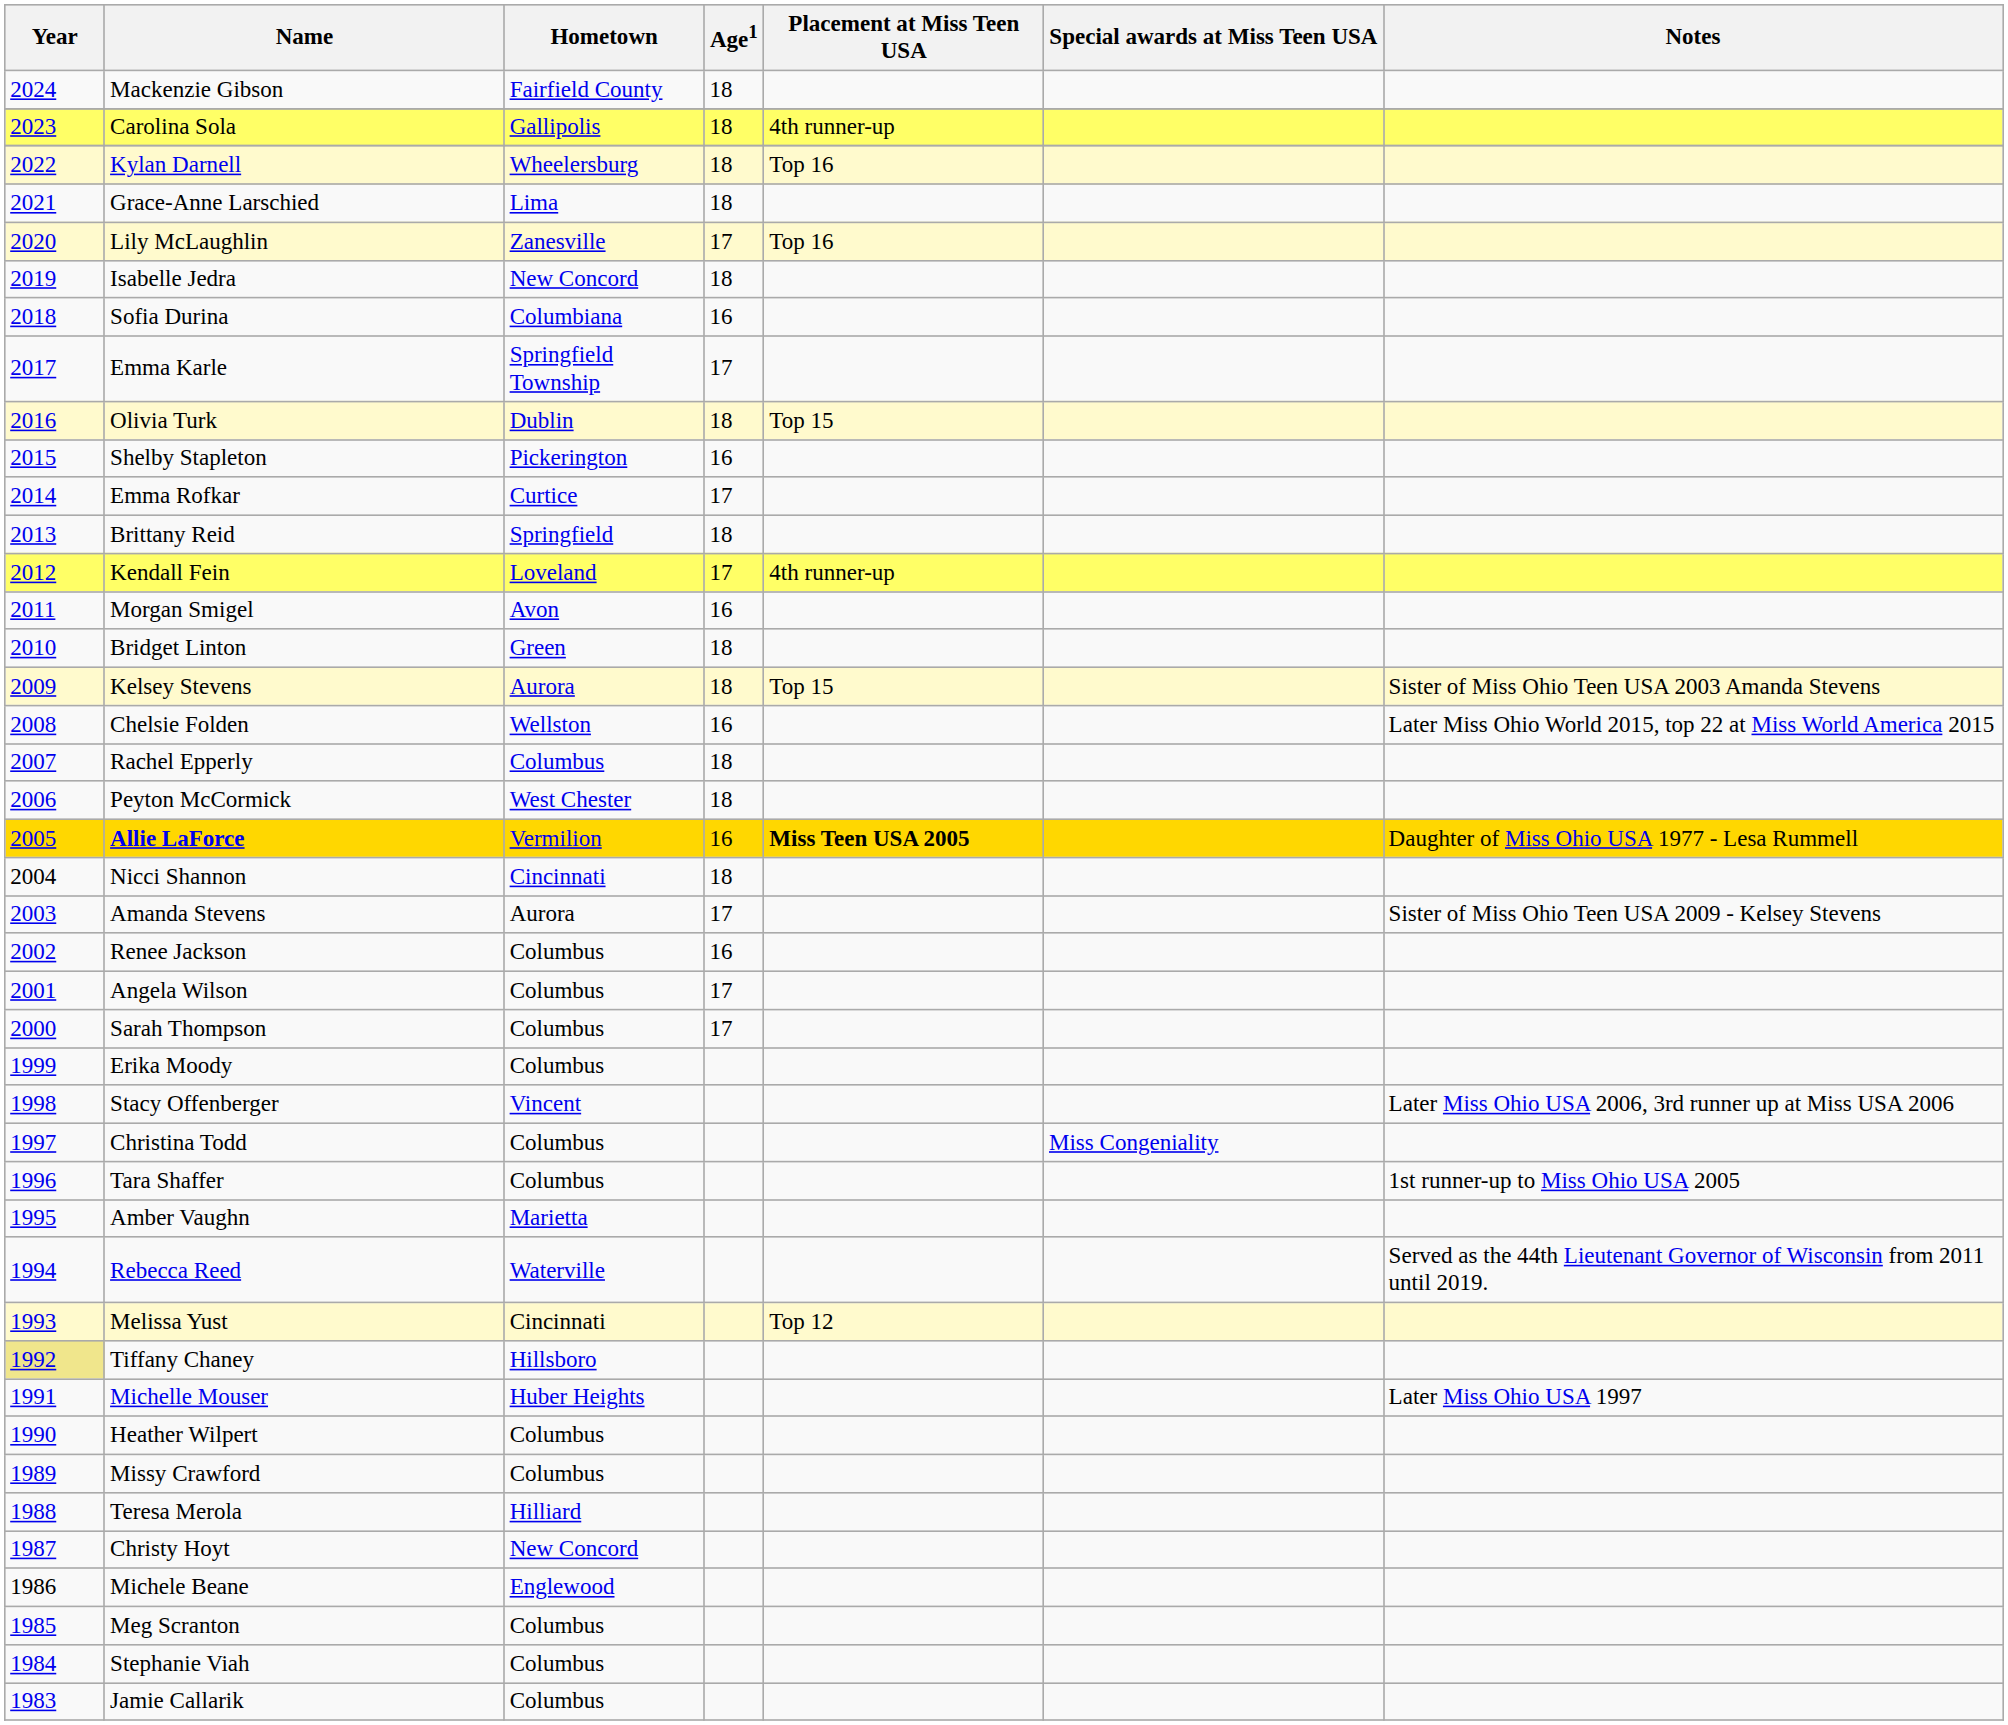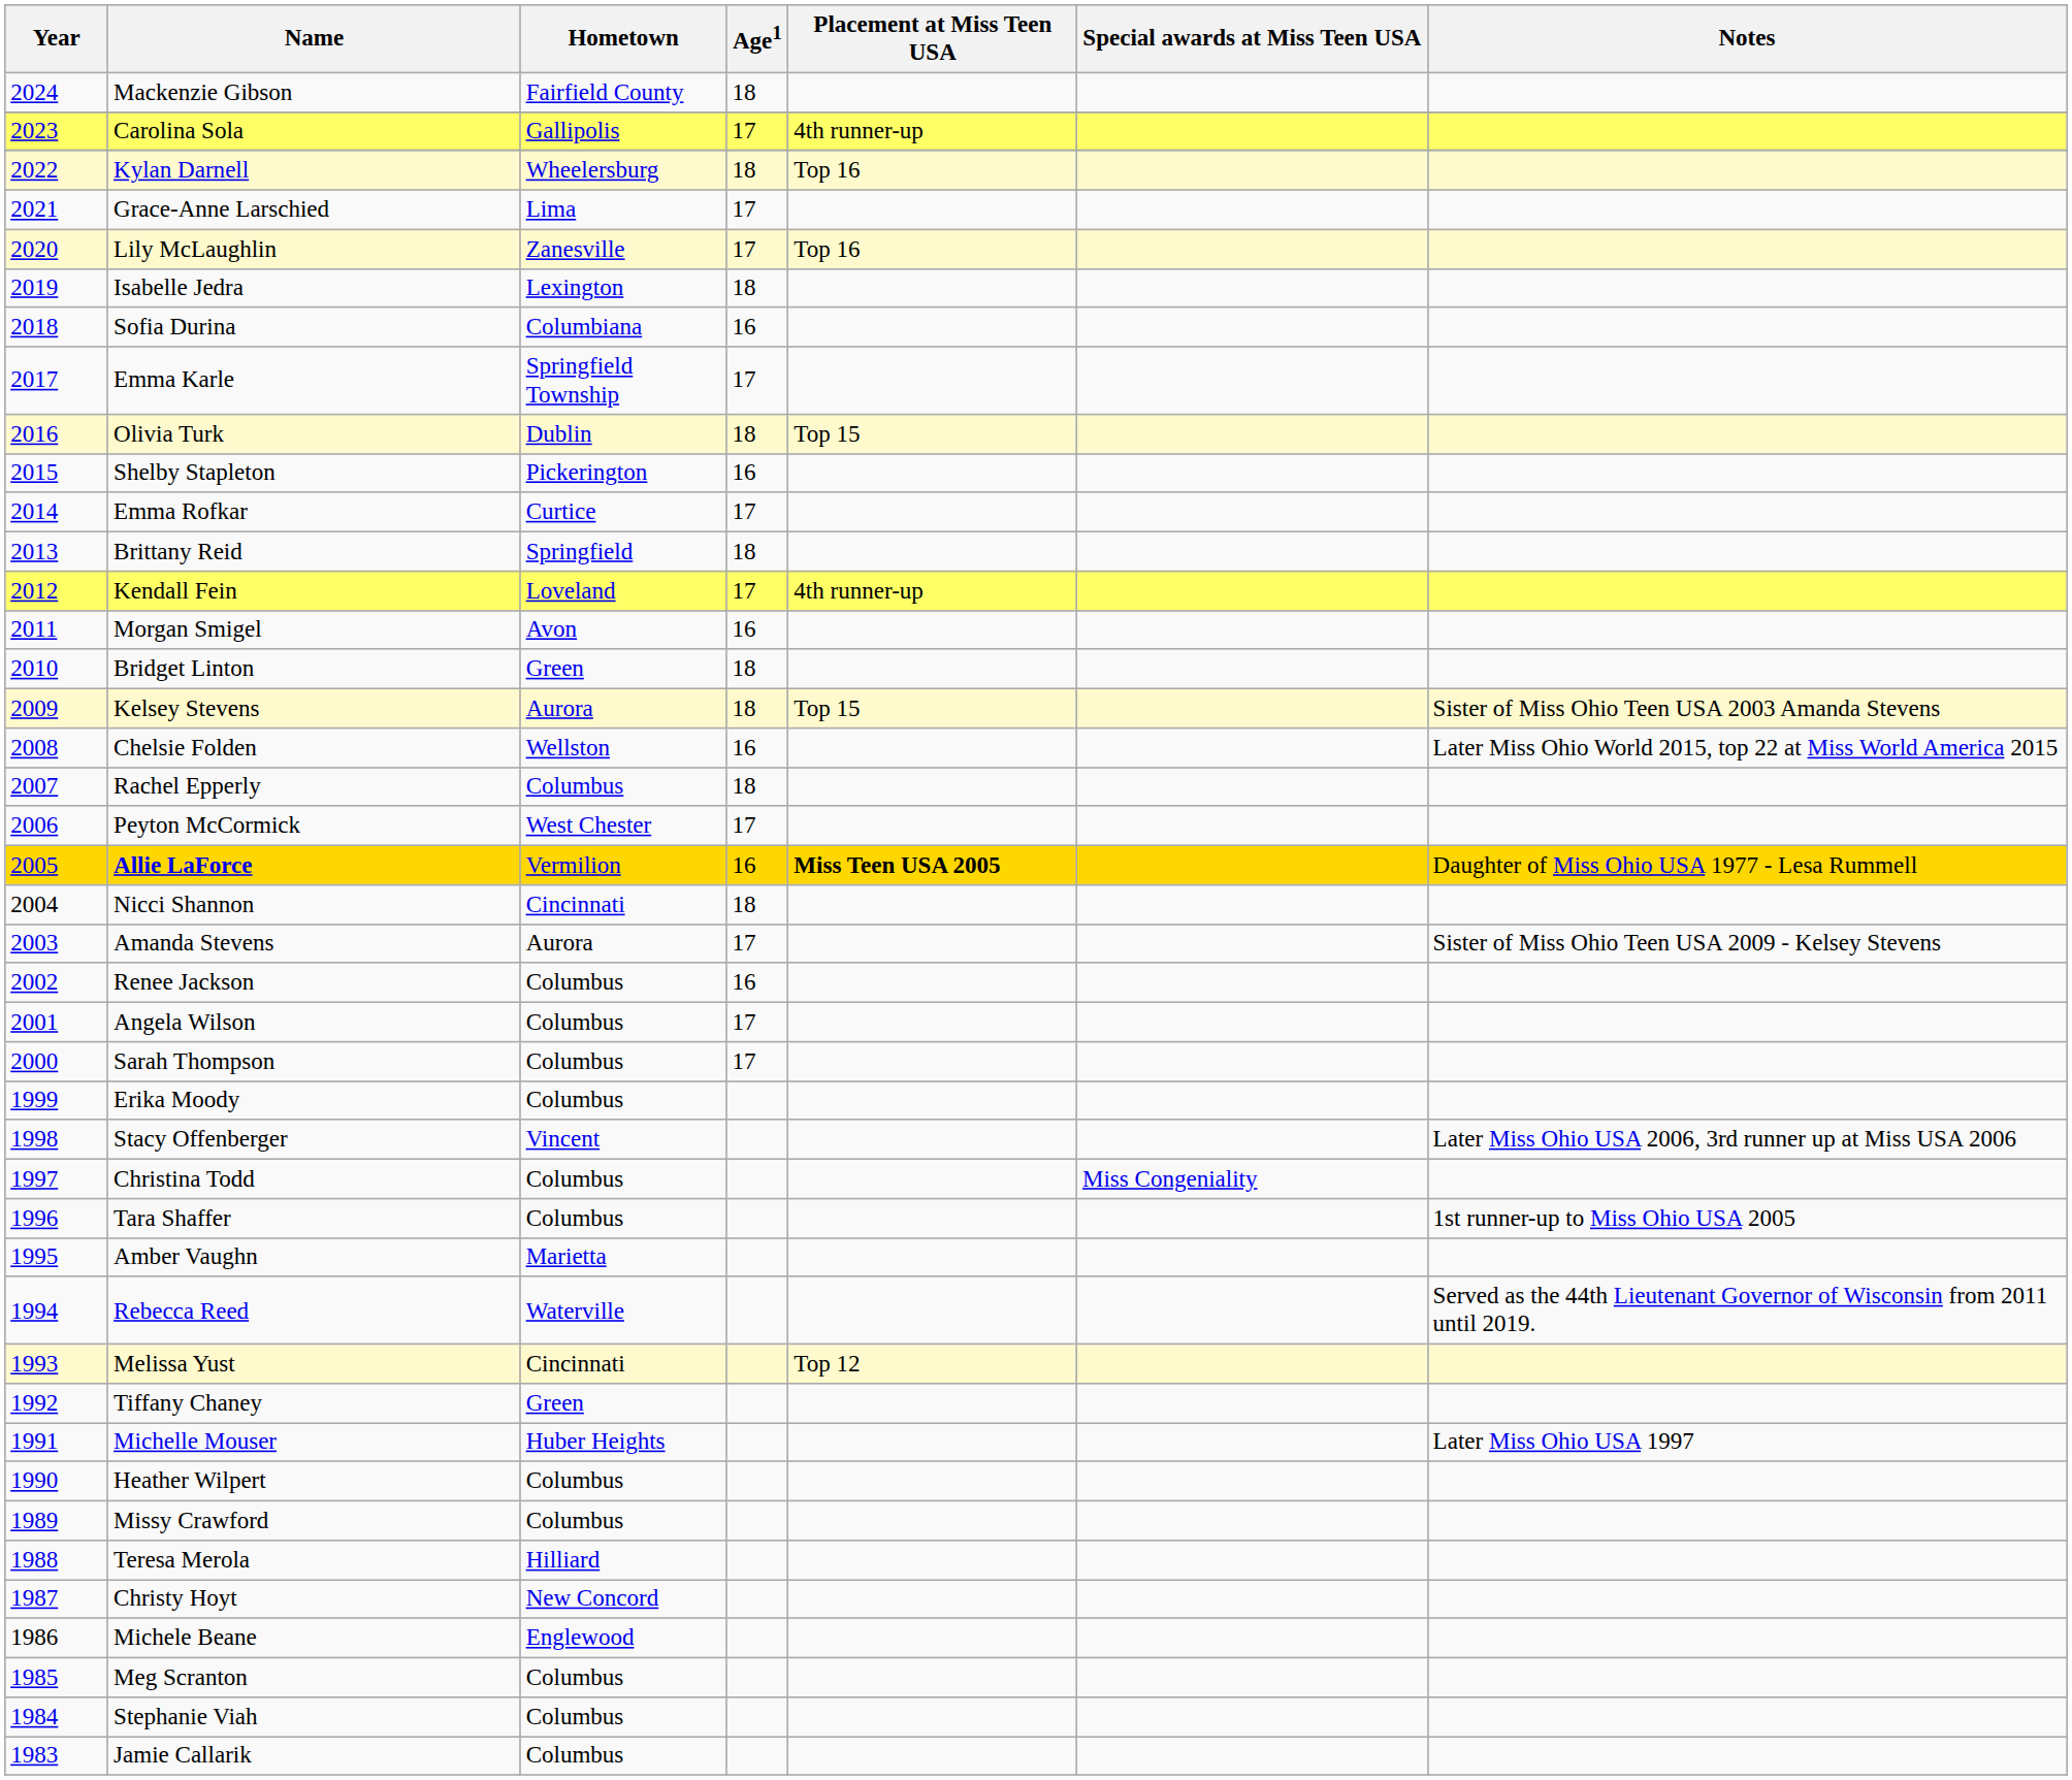 <table class="wikitable"style="font-size:90%;">
 <tr bgcolor="#efefef">
 <th width=5%>Year</th>
 <th width=20%>Name</th>
 <th width=10%>Hometown</th>
 <th width=3%>Age<sup>1</sup></th>
 <th width=14%>Placement at Miss Teen USA</th>
 <th width=17%>Special awards at Miss Teen  USA</th>
 <th width=31%>Notes</th>
 </tr>
 <tr>
 <td><a href='#'>2024</a></td>
 <td>Mackenzie Gibson</td>
 <td><a href='#'>Fairfield County</a></td>
 <td>18</td>
 <td></td>
 <td></td>
 <td></td>
 </tr>
 <tr>
 </tr>
 <tr style="background-color:#FFFF66;”">
 <td><a href='#'>2023</a></td>
 <td>Carolina Sola</td>
 <td><a href='#'>Gallipolis</a></td>
-<td>18</td>
+<td>17</td>
 <td>4th runner-up</td>
 <td></td>
 <td></td>
 </tr>
 <tr>
 </tr>
 <tr style="background-color:#FFFACD;”">
 <td><a href='#'>2022</a></td>
 <td><a href='#'>Kylan Darnell</a></td>
 <td><a href='#'>Wheelersburg</a></td>
 <td>18</td>
 <td>Top 16</td>
 <td></td>
 <td></td>
 </tr>
 <tr>
 <td><a href='#'>2021</a></td>
 <td>Grace-Anne Larschied</td>
 <td><a href='#'>Lima</a></td>
-<td>18</td>
+<td>17</td>
 <td></td>
 <td></td>
 <td></td>
 </tr>
 <tr style="background-color:#FFFACD;”">
 <td><a href='#'>2020</a></td>
 <td>Lily McLaughlin</td>
 <td><a href='#'>Zanesville</a></td>
 <td>17</td>
 <td>Top 16</td>
 <td></td>
 <td></td>
 </tr>
 <tr>
 <td><a href='#'>2019</a></td>
 <td>Isabelle Jedra</td>
-<td><a href='#'>New Concord</a></td>
+<td><a href='#'>Lexington</a></td>
 <td>18</td>
 <td></td>
 <td></td>
 <td></td>
 </tr>
 <tr>
 <td><a href='#'>2018</a></td>
 <td>Sofia Durina</td>
 <td><a href='#'>Columbiana</a></td>
 <td>16</td>
 <td></td>
 <td></td>
 <td></td>
 </tr>
 <tr>
 <td><a href='#'>2017</a></td>
 <td>Emma Karle</td>
 <td><a href='#'>Springfield Township</a></td>
 <td>17</td>
 <td></td>
 <td></td>
 <td></td>
 </tr>
 <tr style="background-color:#FFFACD;”">
 <td><a href='#'>2016</a></td>
 <td>Olivia Turk</td>
 <td><a href='#'>Dublin</a></td>
 <td>18</td>
 <td>Top 15</td>
 <td></td>
 <td></td>
 </tr>
 <tr>
 <td><a href='#'>2015</a></td>
 <td>Shelby Stapleton</td>
 <td><a href='#'>Pickerington</a></td>
 <td>16</td>
 <td></td>
 <td></td>
 <td></td>
 </tr>
 <tr>
 <td><a href='#'>2014</a></td>
 <td>Emma Rofkar</td>
 <td><a href='#'>Curtice</a></td>
 <td>17</td>
 <td></td>
 <td></td>
 <td></td>
 </tr>
 <tr>
 <td><a href='#'>2013</a></td>
 <td>Brittany Reid</td>
 <td><a href='#'>Springfield</a></td>
 <td>18</td>
 <td></td>
 <td></td>
 <td></td>
 </tr>
 <tr style="background-color:#FFFF66;”">
 <td><a href='#'>2012</a></td>
 <td>Kendall Fein</td>
 <td><a href='#'>Loveland</a></td>
 <td>17</td>
 <td>4th runner-up</td>
 <td></td>
 <td></td>
 </tr>
 <tr>
 <td><a href='#'>2011</a></td>
 <td>Morgan Smigel</td>
 <td><a href='#'>Avon</a></td>
 <td>16</td>
 <td></td>
 <td></td>
 <td></td>
 </tr>
 <tr>
 <td><a href='#'>2010</a></td>
 <td>Bridget Linton</td>
 <td><a href='#'>Green</a></td>
 <td>18</td>
 <td></td>
 <td></td>
 <td></td>
 </tr>
 <tr style="background-color:#FFFACD;”">
 <td><a href='#'>2009</a></td>
 <td>Kelsey Stevens</td>
 <td><a href='#'>Aurora</a></td>
 <td>18</td>
 <td>Top 15</td>
 <td></td>
 <td>Sister of Miss Ohio Teen USA 2003 Amanda Stevens</td>
 </tr>
 <tr>
 <td><a href='#'>2008</a></td>
 <td>Chelsie Folden</td>
 <td><a href='#'>Wellston</a></td>
 <td>16</td>
 <td></td>
 <td></td>
 <td>Later Miss Ohio World 2015, top 22 at <a href='#'>Miss World America</a> 2015</td>
 </tr>
 <tr>
 <td><a href='#'>2007</a></td>
 <td>Rachel Epperly</td>
 <td><a href='#'>Columbus</a></td>
 <td>18</td>
 <td></td>
 <td></td>
 <td></td>
 </tr>
 <tr>
 <td><a href='#'>2006</a></td>
 <td>Peyton McCormick</td>
 <td><a href='#'>West Chester</a></td>
-<td>18</td>
+<td>17</td>
 <td></td>
 <td></td>
 <td></td>
 </tr>
 <tr style="background-color:GOLD;">
 <td><a href='#'>2005</a></td>
 <td><strong> <a href='#'>Allie LaForce</a></strong></td>
 <td><a href='#'>Vermilion</a></td>
 <td>16</td>
 <td><strong>Miss Teen USA 2005</strong></td>
 <td></td>
 <td>Daughter of <a href='#'>Miss Ohio USA</a> 1977 - Lesa Rummell</td>
 </tr>
 <tr>
 <td>2004</td>
 <td>Nicci Shannon</td>
 <td><a href='#'>Cincinnati</a></td>
 <td>18</td>
 <td></td>
 <td></td>
 <td></td>
 </tr>
 <tr>
 <td><a href='#'>2003</a></td>
 <td>Amanda Stevens</td>
 <td>Aurora</td>
 <td>17</td>
 <td></td>
 <td></td>
 <td>Sister of Miss Ohio Teen USA 2009 - Kelsey Stevens</td>
 </tr>
 <tr>
 <td><a href='#'>2002</a></td>
 <td>Renee Jackson</td>
 <td>Columbus</td>
 <td>16</td>
 <td></td>
 <td></td>
 <td></td>
 </tr>
 <tr>
 <td><a href='#'>2001</a></td>
 <td>Angela Wilson</td>
 <td>Columbus</td>
 <td>17</td>
 <td></td>
 <td></td>
 <td></td>
 </tr>
 <tr>
 <td><a href='#'>2000</a></td>
 <td>Sarah Thompson</td>
 <td>Columbus</td>
 <td>17</td>
 <td></td>
 <td></td>
 <td></td>
 </tr>
 <tr>
 <td><a href='#'>1999</a></td>
 <td>Erika Moody</td>
 <td>Columbus</td>
 <td></td>
 <td></td>
 <td></td>
 <td></td>
 </tr>
 <tr>
 <td><a href='#'>1998</a></td>
 <td>Stacy Offenberger</td>
 <td><a href='#'>Vincent</a></td>
 <td></td>
 <td></td>
 <td></td>
 <td>Later <a href='#'>Miss Ohio USA</a> 2006, 3rd runner up at Miss USA 2006</td>
 </tr>
 <tr>
 <td><a href='#'>1997</a></td>
 <td>Christina Todd</td>
 <td>Columbus</td>
 <td></td>
 <td></td>
 <td><a href='#'>Miss Congeniality</a></td>
 <td></td>
 </tr>
 <tr>
 <td><a href='#'>1996</a></td>
 <td>Tara Shaffer</td>
 <td>Columbus</td>
 <td></td>
 <td></td>
 <td></td>
 <td>1st runner-up to <a href='#'>Miss Ohio USA</a> 2005</td>
 </tr>
 <tr>
 <td><a href='#'>1995</a></td>
 <td>Amber Vaughn</td>
 <td><a href='#'>Marietta</a></td>
 <td></td>
 <td></td>
 <td></td>
 <td></td>
 </tr>
 <tr>
 <td><a href='#'>1994</a></td>
 <td><a href='#'>Rebecca Reed</a></td>
 <td><a href='#'>Waterville</a></td>
 <td></td>
 <td></td>
 <td></td>
 <td>Served as the 44th <a href='#'>Lieutenant Governor of Wisconsin</a> from 2011 until 2019.</td>
 </tr>
 <tr style="background-color:#FFFACD;”">
 <td><a href='#'>1993</a></td>
 <td>Melissa Yust</td>
 <td>Cincinnati</td>
 <td></td>
 <td>Top 12</td>
 <td></td>
 <td></td>
 </tr>
 <tr>
-<td style="background: khaki;"><a href='#'>1992</a></td>
+<td><a href='#'>1992</a></td>
 <td>Tiffany Chaney</td>
-<td><a href='#'>Hillsboro</a></td>
+<td><a href='#'>Green</a></td>
 <td></td>
 <td></td>
 <td></td>
 <td></td>
 </tr>
 <tr>
 <td><a href='#'>1991</a></td>
 <td><a href='#'>Michelle Mouser</a></td>
 <td><a href='#'>Huber Heights</a></td>
 <td></td>
 <td></td>
 <td></td>
 <td>Later <a href='#'>Miss Ohio USA</a> 1997</td>
 </tr>
 <tr>
 <td><a href='#'>1990</a></td>
 <td>Heather Wilpert</td>
 <td>Columbus</td>
 <td></td>
 <td></td>
 <td></td>
 <td></td>
 </tr>
 <tr>
 <td><a href='#'>1989</a></td>
 <td>Missy Crawford</td>
 <td>Columbus</td>
 <td></td>
 <td></td>
 <td></td>
 <td></td>
 </tr>
 <tr>
 <td><a href='#'>1988</a></td>
 <td>Teresa Merola</td>
 <td><a href='#'>Hilliard</a></td>
 <td></td>
 <td></td>
 <td></td>
 <td></td>
 </tr>
 <tr>
 <td><a href='#'>1987</a></td>
 <td>Christy Hoyt</td>
 <td><a href='#'>New Concord</a></td>
 <td></td>
 <td></td>
 <td></td>
 <td></td>
 </tr>
 <tr>
 <td>1986</td>
 <td>Michele Beane</td>
 <td><a href='#'>Englewood</a></td>
 <td></td>
 <td></td>
 <td></td>
 <td></td>
 </tr>
 <tr>
 <td><a href='#'>1985</a></td>
 <td>Meg Scranton</td>
 <td>Columbus</td>
 <td></td>
 <td></td>
 <td></td>
 <td></td>
 </tr>
 <tr>
 <td><a href='#'>1984</a></td>
 <td>Stephanie Viah</td>
 <td>Columbus</td>
 <td></td>
 <td></td>
 <td></td>
 <td></td>
 </tr>
 <tr>
 <td><a href='#'>1983</a></td>
 <td>Jamie Callarik</td>
 <td>Columbus</td>
 <td></td>
 <td></td>
 <td></td>
 <td></td>
 </tr>
 </table>
